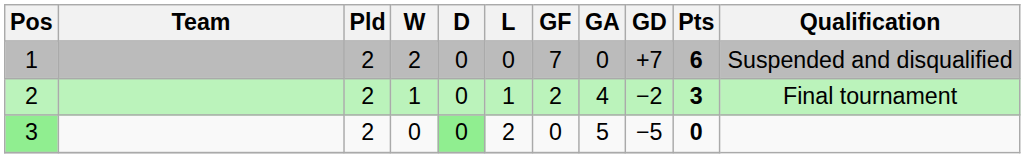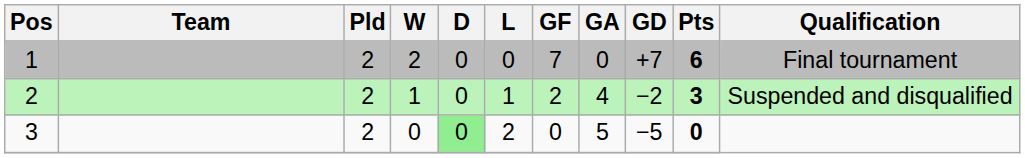 <table class="wikitable" border="1" style="text-align: center;">
 <tr>
 <th width="25"><abbr>Pos</abbr></th>
 <th width="190">Team</th>
 <th width="25"><abbr>Pld</abbr></th>
 <th width="25"><abbr>W</abbr></th>
 <th width="25"><abbr>D</abbr></th>
 <th width="25"><abbr>L</abbr></th>
 <th width="25"><abbr>GF</abbr></th>
 <th width="25"><abbr>GA</abbr></th>
 <th width="25"><abbr>GD</abbr></th>
 <th width="25"><abbr>Pts</abbr></th>
 <th width="200">Qualification</th>
 </tr>
 <tr bgcolor = #BBBBBB>
 <td>1</td>
 <td align="left"></td>
 <td>2</td>
 <td>2</td>
 <td>0</td>
 <td>0</td>
 <td>7</td>
 <td>0</td>
 <td>+7</td>
 <td><strong>6</strong></td>
-<td>Suspended and disqualified</td>
+<td>Final tournament</td>
 </tr>
 <tr bgcolor = #BBF3BB>
 <td>2</td>
 <td align="left"></td>
 <td>2</td>
 <td>1</td>
 <td>0</td>
 <td>1</td>
 <td>2</td>
 <td>4</td>
 <td>−2</td>
 <td><strong>3</strong></td>
-<td>Final tournament</td>
+<td>Suspended and disqualified</td>
 </tr>
 <tr>
-<td style="background: lightgreen;">3</td>
+<td>3</td>
 <td align="left"></td>
 <td>2</td>
 <td>0</td>
 <td style="background: lightgreen;">0</td>
 <td>2</td>
 <td>0</td>
 <td>5</td>
 <td>−5</td>
 <td><strong>0</strong></td>
 </tr>
 <tr>
 </tr>
 </table>
